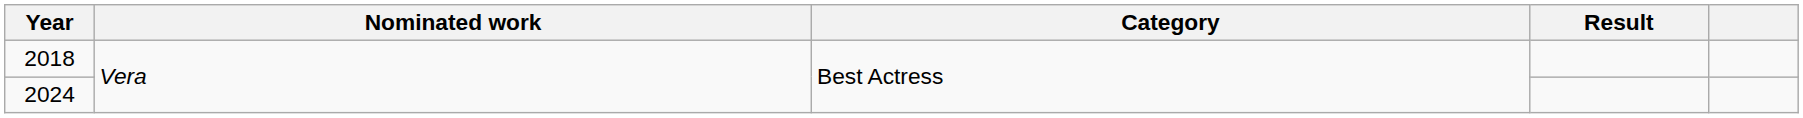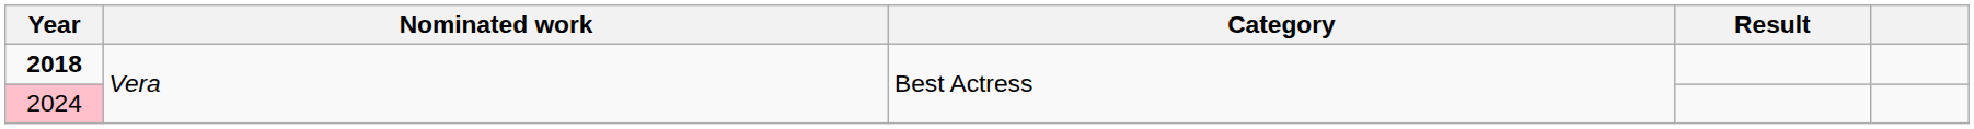 <table class="wikitable" style="width:100%;">
 <tr>
 <th width=5%>Year</th>
 <th style="width:40%;">Nominated work</th>
 <th style="width:40%;">Category</th>
 <th style="width:10%;">Result</th>
 <th width=5%></th>
 </tr>
 <tr>
-<td style="text-align:center;">2018</td>
+<td style="text-align:center;"><strong>2018</strong></td>
 <td rowspan="2" style="text-align:left;"><em>Vera</em></td>
 <td rowspan="2">Best Actress</td>
 <td></td>
 <td style="text-align:center;"></td>
 </tr>
 <tr>
-<td style="text-align:center;">2024</td>
+<td style="background: pink; text-align:center;">2024</td>
 <td></td>
 <td style="text-align:center;"></td>
 </tr>
 </table>
